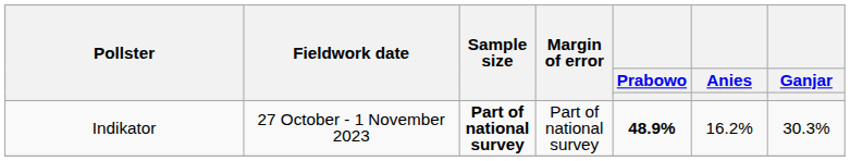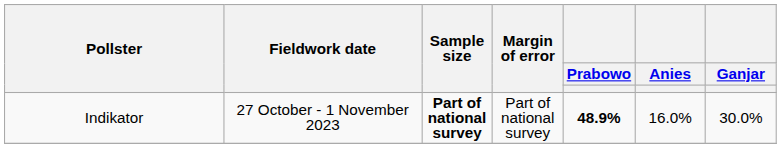 <table class="wikitable" style="text-align:center; font-size:90%; line-height:14px;">
 <tr style="height:55px; background-color:#E9E9E9">
 <th rowspan="3" style="width:200px;">Pollster</th>
 <th rowspan="3" style="width:180px;">Fieldwork date</th>
 <th rowspan="3" style="width:60px;">Sample size</th>
 <th rowspan="3" style="width:60px;">Margin of error</th>
 <th style="width:60px;"></th>
 <th style="width:60px;"></th>
 <th style="width:60px;"></th>
 </tr>
 <tr>
 <th><a href='#'>Prabowo</a> <br></th>
 <th><a href='#'>Anies</a> <br></th>
 <th><a href='#'>Ganjar</a> <br></th>
 </tr>
 <tr>
 <th class="unsortable" style="color:inherit;background:"></th>
 <th class="unsortable" style="color:inherit;background:"></th>
 <th class="unsortable" style="color:inherit;background:"></th>
 </tr>
 <tr>
 <td>Indikator</td>
 <td>27 October - 1 November 2023</td>
 <td><strong>Part of national survey</strong></td>
 <td>Part of national survey</td>
 <td style="background-color:#"><strong>48.9%</strong> </td>
-<td>16.2% </td>
-<td>30.3% </td>
+<td>16.0% </td>
+<td>30.0% </td>
 </tr>
 <tr>
 </tr>
 </table>
